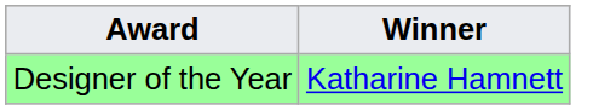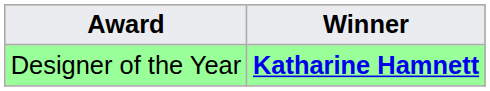 <table class="wikitable">
 <tr>
 <th style="background:#EAECF0">Award</th>
 <th style="background:#EAECF0">Winner</th>
 </tr>
 <tr>
 <td style="background:#99ff99">Designer of the Year</td>
-<td style="background:#99ff99"><a href='#'>Katharine Hamnett</a></td>
+<td style="background:#99ff99"><strong><a href='#'>Katharine Hamnett</a></strong></td>
 </tr>
 </table>
